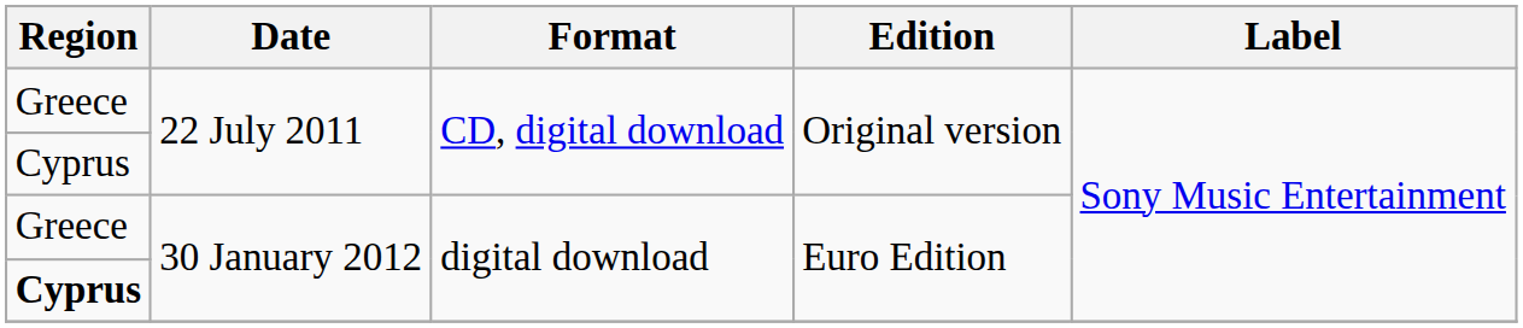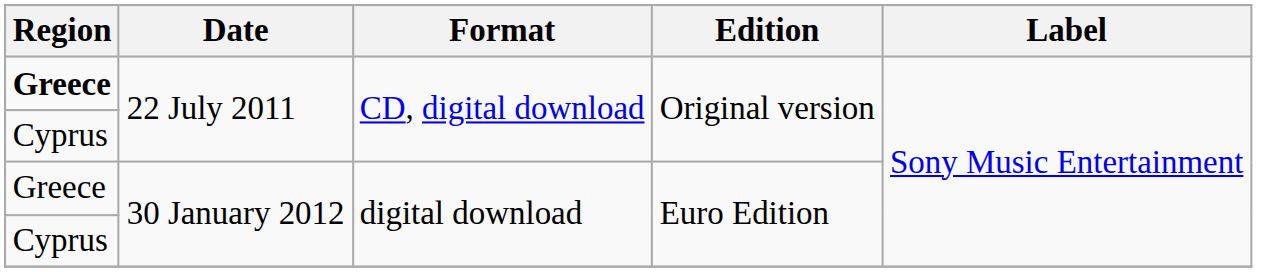 <table class="wikitable">
 <tr>
 <th>Region</th>
 <th>Date</th>
 <th>Format</th>
 <th>Edition</th>
 <th>Label</th>
 </tr>
 <tr>
-<td>Greece</td>
+<td><strong>Greece</strong></td>
 <td rowspan="2">22 July 2011</td>
 <td rowspan="2"><a href='#'>CD</a>, <a href='#'>digital download</a></td>
 <td rowspan="2">Original version</td>
 <td rowspan="4"><a href='#'>Sony Music Entertainment</a></td>
 </tr>
 <tr>
 <td>Cyprus</td>
 </tr>
 <tr>
 <td>Greece</td>
 <td rowspan="2">30 January 2012</td>
 <td rowspan="2">digital download</td>
 <td rowspan="2">Euro Edition</td>
 </tr>
 <tr>
-<td><strong>Cyprus</strong></td>
+<td>Cyprus</td>
 </tr>
 <tr>
 </tr>
 </table>
